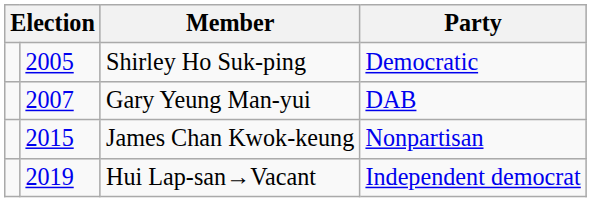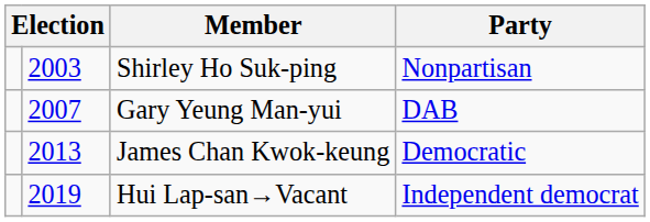 <table class="wikitable">
 <tr>
 <th colspan="2">Election</th>
 <th>Member</th>
 <th>Party</th>
 </tr>
 <tr>
 <td style="color:inherit;background-color: "></td>
-<td><a href='#'>2005</a></td>
+<td><a href='#'>2003</a></td>
 <td>Shirley Ho Suk-ping</td>
-<td><a href='#'>Democratic</a></td>
+<td><a href='#'>Nonpartisan</a></td>
 </tr>
 <tr>
 <td style="color:inherit;background-color: "></td>
 <td><a href='#'>2007</a></td>
 <td>Gary Yeung Man-yui</td>
 <td><a href='#'>DAB</a></td>
 </tr>
 <tr>
 <td style="color:inherit;background:"></td>
-<td><a href='#'>2015</a></td>
+<td><a href='#'>2013</a></td>
 <td>James Chan Kwok-keung</td>
-<td><a href='#'>Nonpartisan</a></td>
+<td><a href='#'>Democratic</a></td>
 </tr>
 <tr>
 <td style="color:inherit;background:"></td>
 <td><a href='#'>2019</a></td>
 <td>Hui Lap-san→Vacant</td>
 <td><a href='#'>Independent democrat</a></td>
 </tr>
 </table>
